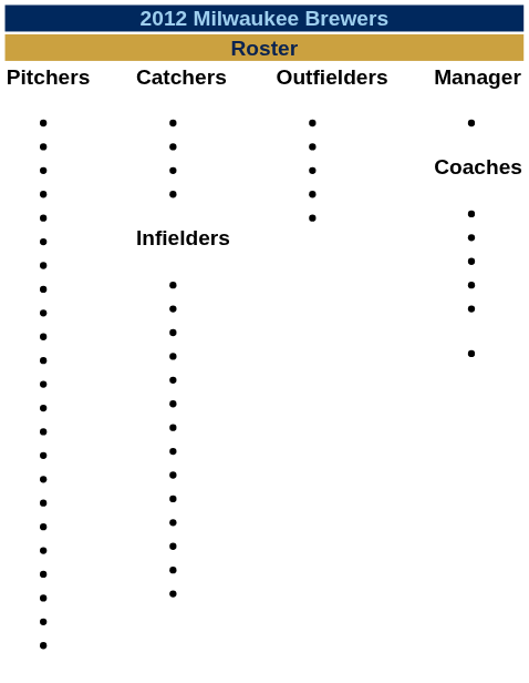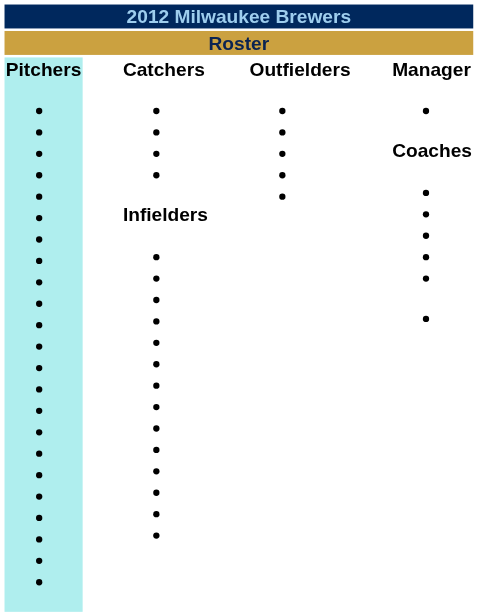 <table class="toccolours" style="font-size: 95%;">
 <tr>
 <th colspan="10" style="background-color: #00285D; color: #9ECEEE; text-align: center;">2012 Milwaukee Brewers</th>
 </tr>
 <tr>
 <td colspan="10" style="background-color: #CBA140; color: #0a2351; text-align: center;"><strong>Roster</strong></td>
 </tr>
 <tr>
-<td valign="top"><strong>Pitchers</strong><br><ul><li></li><li></li><li></li><li></li><li></li><li></li><li></li><li></li><li></li><li></li><li></li><li></li><li></li><li></li><li></li><li></li><li></li><li></li><li></li><li></li><li></li><li></li><li></li></ul></td>
+<td valign="top" style="background: paleturquoise;"><strong>Pitchers</strong><br><ul><li></li><li></li><li></li><li></li><li></li><li></li><li></li><li></li><li></li><li></li><li></li><li></li><li></li><li></li><li></li><li></li><li></li><li></li><li></li><li></li><li></li><li></li><li></li></ul></td>
 <td width="25px"></td>
 <td valign="top"><strong>Catchers</strong><br><ul><li></li><li></li><li></li><li></li></ul><strong>Infielders</strong><ul><li></li><li></li><li></li><li></li><li></li><li></li><li></li><li></li><li></li><li></li><li></li><li></li><li></li><li></li></ul></td>
 <td width="25px"></td>
 <td valign="top"><strong>Outfielders</strong><br><ul><li></li><li></li><li></li><li></li><li></li></ul></td>
 <td width="25px"></td>
 <td valign="top"><strong>Manager</strong><br><ul><li></li></ul><strong>Coaches</strong><ul><li> </li><li> </li><li> </li><li> </li><li> </li></ul> <ul><li> </li></ul> </td>
 </tr>
 </table>
